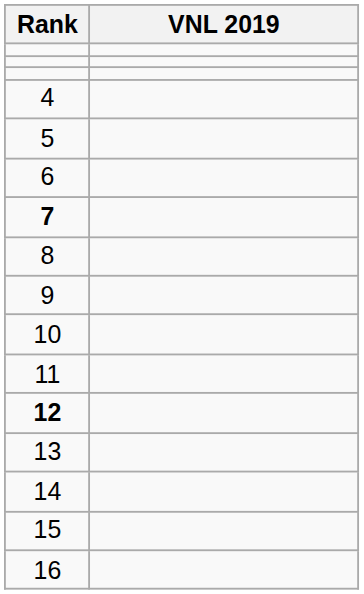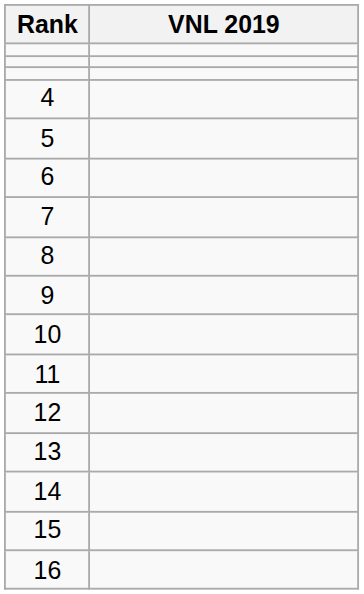 <table class="wikitable sortable" style="font-size:85%; text-align:center;">
 <tr>
 <th width=40>Rank</th>
 <th width=140>VNL 2019</th>
 </tr>
 <tr>
 <td></td>
 <td style="text-align:left;"></td>
 </tr>
 <tr>
 <td></td>
 <td style="text-align:left;"></td>
 </tr>
 <tr>
 <td></td>
 <td style="text-align:left;"></td>
 </tr>
 <tr>
 <td>4</td>
 <td style="text-align:left;"></td>
 </tr>
 <tr>
 <td>5</td>
 <td style="text-align:left;"></td>
 </tr>
 <tr>
 <td>6</td>
 <td style="text-align:left;"></td>
 </tr>
 <tr>
-<td><strong>7</strong></td>
+<td>7</td>
 <td style="text-align:left;"></td>
 </tr>
 <tr>
 <td>8</td>
 <td style="text-align:left;"></td>
 </tr>
 <tr>
 <td>9</td>
 <td style="text-align:left;"></td>
 </tr>
 <tr>
 <td>10</td>
 <td style="text-align:left;"></td>
 </tr>
 <tr>
 <td>11</td>
 <td style="text-align:left;"></td>
 </tr>
 <tr>
-<td><strong>12</strong></td>
+<td>12</td>
 <td style="text-align:left;"></td>
 </tr>
 <tr>
 <td>13</td>
 <td style="text-align:left;"></td>
 </tr>
 <tr>
 <td>14</td>
 <td style="text-align:left;"></td>
 </tr>
 <tr>
 <td>15</td>
 <td style="text-align:left;"></td>
 </tr>
 <tr>
 <td>16</td>
 <td style="text-align:left;"></td>
 </tr>
 </table>
